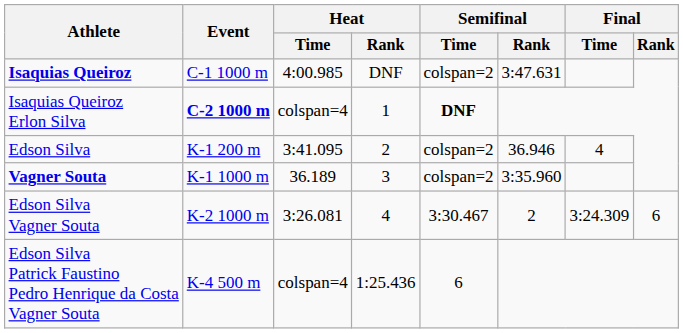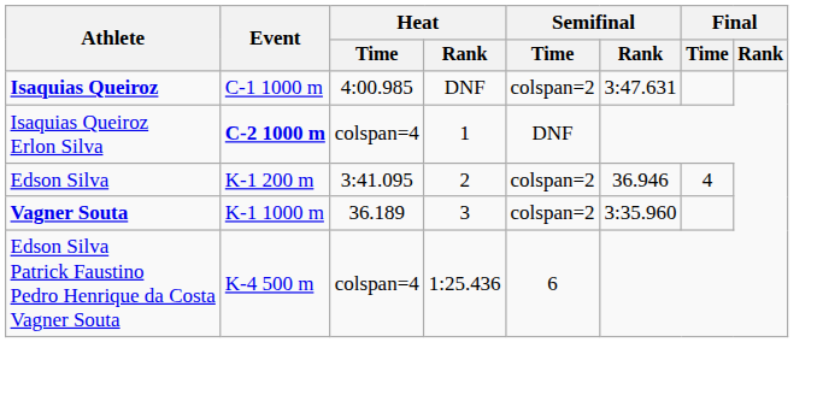 <table class=wikitable style=font-size:90%;text-align:center>
 <tr>
 <th rowspan=2>Athlete</th>
 <th rowspan=2>Event</th>
 <th colspan=2>Heat</th>
 <th colspan=2>Semifinal</th>
 <th colspan=2>Final</th>
 </tr>
 <tr style=font-size:95%>
 <th>Time</th>
 <th>Rank</th>
 <th>Time</th>
 <th>Rank</th>
 <th>Time</th>
 <th>Rank</th>
 </tr>
 <tr>
 <td align=left><strong><a href='#'>Isaquias Queiroz</a></strong></td>
 <td align=left><a href='#'>C-1 1000 m</a></td>
 <td>4:00.985</td>
 <td>DNF</td>
 <td>colspan=2 </td>
 <td>3:47.631</td>
 <td></td>
 </tr>
 <tr>
 <td align=left><a href='#'>Isaquias Queiroz</a><br><a href='#'>Erlon Silva</a></td>
 <td align=left><strong><a href='#'>C-2 1000 m</a></strong></td>
 <td>colspan=4 </td>
 <td>1</td>
-<td><strong>DNF</strong></td>
+<td>DNF</td>
 </tr>
 <tr>
 <td align=left><a href='#'>Edson Silva</a></td>
 <td align=left><a href='#'>K-1 200 m</a></td>
 <td>3:41.095</td>
 <td>2</td>
 <td>colspan=2 </td>
 <td>36.946</td>
 <td>4</td>
 </tr>
 <tr>
 <td align=left><strong><a href='#'>Vagner Souta</a></strong></td>
 <td align=left><a href='#'>K-1 1000 m</a></td>
 <td>36.189</td>
 <td>3</td>
 <td>colspan=2 </td>
 <td>3:35.960</td>
 <td></td>
 </tr>
 <tr>
-<td align=left><a href='#'>Edson Silva</a><br><a href='#'>Vagner Souta</a></td>
-<td align=left><a href='#'>K-2 1000 m</a></td>
-<td>3:26.081</td>
-<td>4</td>
-<td>3:30.467</td>
-<td>2</td>
-<td>3:24.309</td>
-<td>6</td>
-</tr>
-<tr>
 <td align=left><a href='#'>Edson Silva</a><br><a href='#'>Patrick Faustino</a><br><a href='#'>Pedro Henrique da Costa</a><br><a href='#'>Vagner Souta</a></td>
 <td align=left><a href='#'>K-4 500 m</a></td>
 <td>colspan=4 </td>
 <td>1:25.436</td>
 <td>6</td>
 </tr>
 </table>
